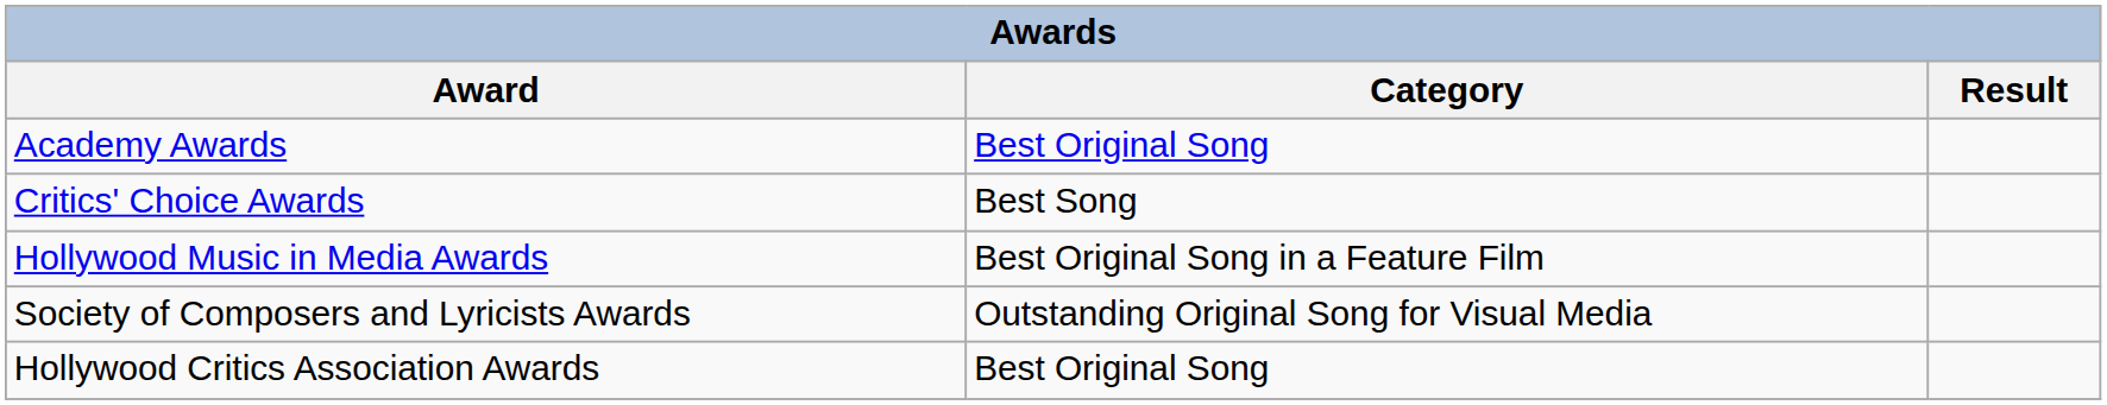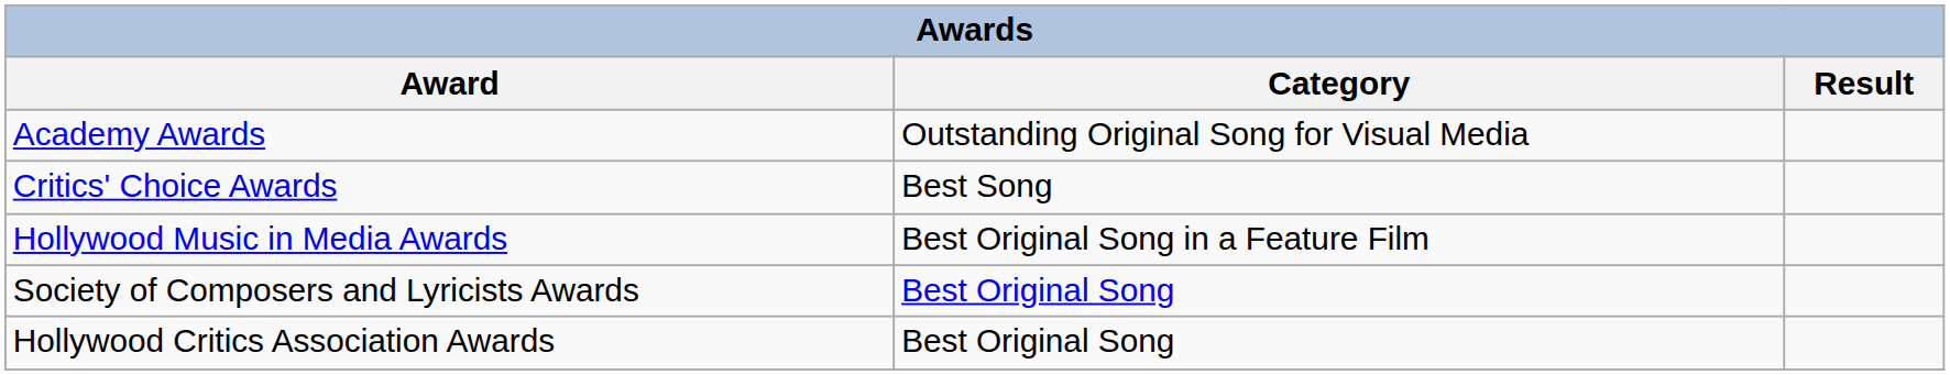 <table class="wikitable" style="width:75%;">
 <tr style="background:#ccc; text-align:center;">
 <th colspan="4" style="background: LightSteelBlue;">Awards</th>
 </tr>
 <tr style="background:#ccc; text-align:center;">
 <th>Award</th>
 <th>Category</th>
 <th>Result</th>
 </tr>
 <tr>
 <td><a href='#'>Academy Awards</a></td>
-<td><a href='#'>Best Original Song</a></td>
+<td>Outstanding Original Song for Visual Media</td>
 <td></td>
 </tr>
 <tr>
 <td><a href='#'>Critics' Choice Awards</a></td>
 <td>Best Song</td>
 <td></td>
 </tr>
 <tr>
 <td><a href='#'>Hollywood Music in Media Awards</a></td>
 <td>Best Original Song in a Feature Film</td>
 <td></td>
 </tr>
 <tr>
 <td>Society of Composers and Lyricists Awards</td>
-<td>Outstanding Original Song for Visual Media</td>
+<td><a href='#'>Best Original Song</a></td>
 <td></td>
 </tr>
 <tr>
 <td>Hollywood Critics Association Awards</td>
 <td>Best Original Song</td>
 <td></td>
 </tr>
 </table>
